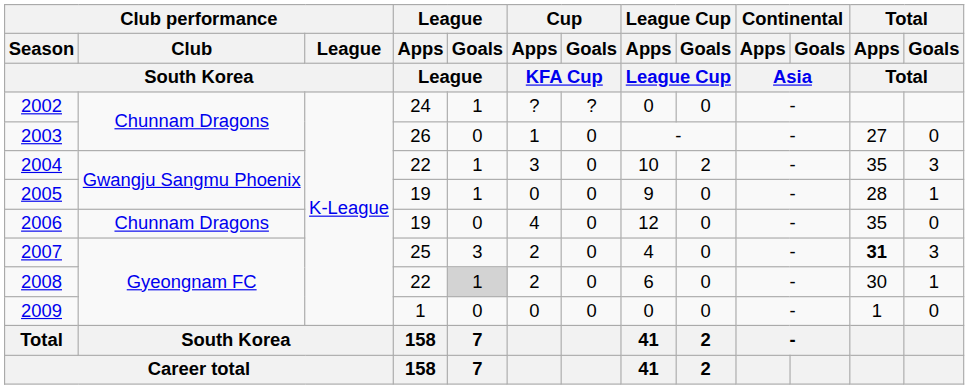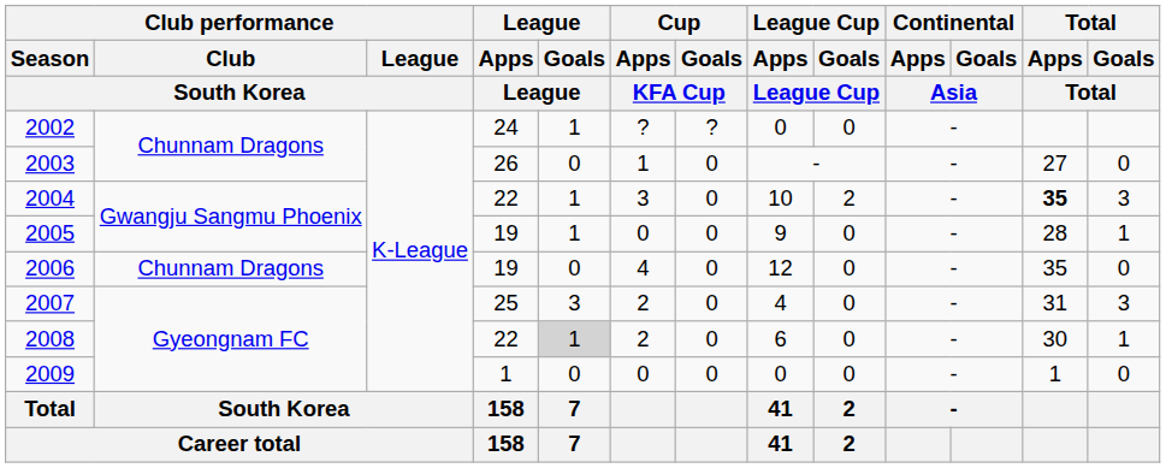 <table class="wikitable" style="text-align:center">
 <tr>
 <th colspan=3>Club performance</th>
 <th colspan=2>League</th>
 <th colspan=2>Cup</th>
 <th colspan=2>League Cup</th>
 <th colspan=2>Continental</th>
 <th colspan=2>Total</th>
 </tr>
 <tr>
 <th>Season</th>
 <th>Club</th>
 <th>League</th>
 <th>Apps</th>
 <th>Goals</th>
 <th>Apps</th>
 <th>Goals</th>
 <th>Apps</th>
 <th>Goals</th>
 <th>Apps</th>
 <th>Goals</th>
 <th>Apps</th>
 <th>Goals</th>
 </tr>
 <tr>
 <th colspan=3>South Korea</th>
 <th colspan=2>League</th>
 <th colspan=2><a href='#'>KFA Cup</a></th>
 <th colspan=2><a href='#'>League Cup</a></th>
 <th colspan=2><a href='#'>Asia</a></th>
 <th colspan=2>Total</th>
 </tr>
 <tr>
 <td><a href='#'>2002</a></td>
 <td rowspan="2"><a href='#'>Chunnam Dragons</a></td>
 <td rowspan="8"><a href='#'>K-League</a></td>
 <td>24</td>
 <td>1</td>
 <td>?</td>
 <td>?</td>
 <td>0</td>
 <td>0</td>
 <td colspan="2">-</td>
 <td></td>
 <td></td>
 </tr>
 <tr>
 <td><a href='#'>2003</a></td>
 <td>26</td>
 <td>0</td>
 <td>1</td>
 <td>0</td>
 <td colspan="2">-</td>
 <td colspan="2">-</td>
 <td>27</td>
 <td>0</td>
 </tr>
 <tr>
 <td><a href='#'>2004</a></td>
 <td rowspan="2"><a href='#'>Gwangju Sangmu Phoenix</a></td>
 <td>22</td>
 <td>1</td>
 <td>3</td>
 <td>0</td>
 <td>10</td>
 <td>2</td>
 <td colspan="2">-</td>
-<td>35</td>
+<td><strong>35</strong></td>
 <td>3</td>
 </tr>
 <tr>
 <td><a href='#'>2005</a></td>
 <td>19</td>
 <td>1</td>
 <td>0</td>
 <td>0</td>
 <td>9</td>
 <td>0</td>
 <td colspan="2">-</td>
 <td>28</td>
 <td>1</td>
 </tr>
 <tr>
 <td><a href='#'>2006</a></td>
 <td><a href='#'>Chunnam Dragons</a></td>
 <td>19</td>
 <td>0</td>
 <td>4</td>
 <td>0</td>
 <td>12</td>
 <td>0</td>
 <td colspan="2">-</td>
 <td>35</td>
 <td>0</td>
 </tr>
 <tr>
 <td><a href='#'>2007</a></td>
 <td rowspan="3"><a href='#'>Gyeongnam FC</a></td>
 <td>25</td>
 <td>3</td>
 <td>2</td>
 <td>0</td>
 <td>4</td>
 <td>0</td>
 <td colspan="2">-</td>
-<td><strong>31</strong></td>
+<td>31</td>
 <td>3</td>
 </tr>
 <tr>
 <td><a href='#'>2008</a></td>
 <td>22</td>
 <td style="background: lightgrey;">1</td>
 <td>2</td>
 <td>0</td>
 <td>6</td>
 <td>0</td>
 <td colspan="2">-</td>
 <td>30</td>
 <td>1</td>
 </tr>
 <tr>
 <td><a href='#'>2009</a></td>
 <td>1</td>
 <td>0</td>
 <td>0</td>
 <td>0</td>
 <td>0</td>
 <td>0</td>
 <td colspan="2">-</td>
 <td>1</td>
 <td>0</td>
 </tr>
 <tr>
 <th rowspan=1>Total</th>
 <th colspan=2>South Korea</th>
 <th>158</th>
 <th>7</th>
 <th></th>
 <th></th>
 <th>41</th>
 <th>2</th>
 <th colspan="2">-</th>
 <th></th>
 <th></th>
 </tr>
 <tr>
 <th colspan=3>Career total</th>
 <th>158</th>
 <th>7</th>
 <th></th>
 <th></th>
 <th>41</th>
 <th>2</th>
 <th></th>
 <th></th>
 <th></th>
 <th></th>
 </tr>
 </table>
